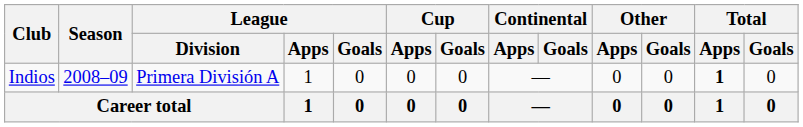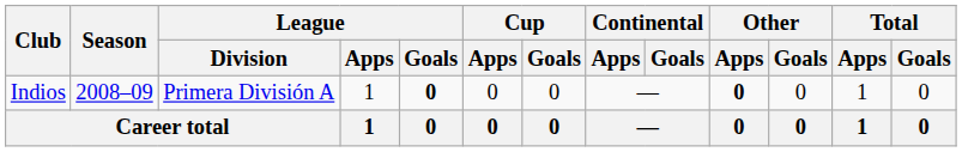 <table class="wikitable" style="text-align:center">
 <tr>
 <th rowspan="2">Club</th>
 <th rowspan="2">Season</th>
 <th colspan="3">League</th>
 <th colspan="2">Cup</th>
 <th colspan="2">Continental</th>
 <th colspan="2">Other</th>
 <th colspan="2">Total</th>
 </tr>
 <tr>
 <th>Division</th>
 <th>Apps</th>
 <th>Goals</th>
 <th>Apps</th>
 <th>Goals</th>
 <th>Apps</th>
 <th>Goals</th>
 <th>Apps</th>
 <th>Goals</th>
 <th>Apps</th>
 <th>Goals</th>
 </tr>
 <tr>
 <td rowspan="1"><a href='#'>Indios</a></td>
 <td><a href='#'>2008–09</a></td>
 <td rowspan="1"><a href='#'>Primera División A</a></td>
 <td>1</td>
-<td>0</td>
+<td><strong>0</strong></td>
 <td>0</td>
 <td>0</td>
 <td colspan="2">—</td>
+<td><strong>0</strong></td>
 <td>0</td>
-<td>0</td>
-<td><strong>1</strong></td>
+<td>1</td>
 <td>0</td>
 </tr>
 <tr>
 <th colspan="3">Career total</th>
 <th>1</th>
 <th>0</th>
 <th>0</th>
 <th>0</th>
 <th colspan="2">—</th>
 <th>0</th>
 <th>0</th>
 <th>1</th>
 <th>0</th>
 </tr>
 </table>
